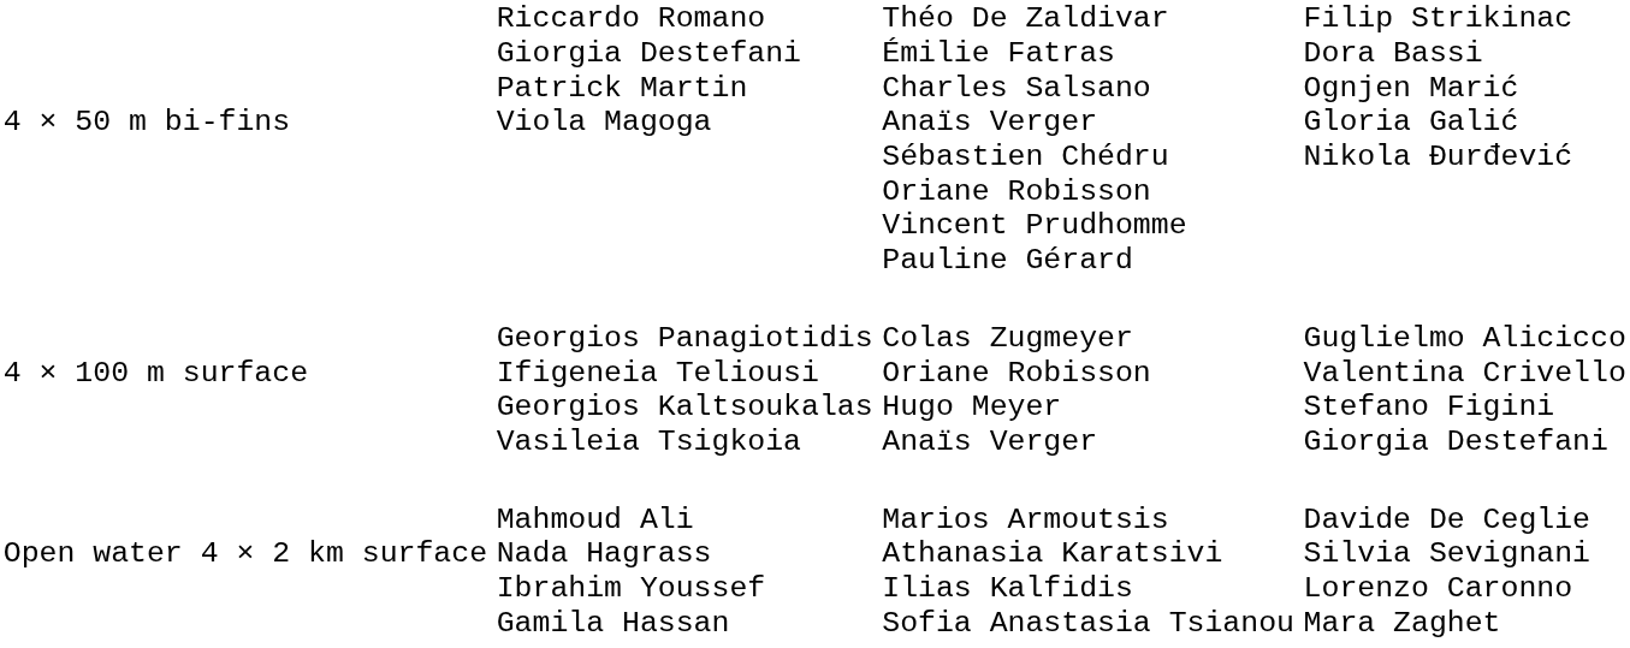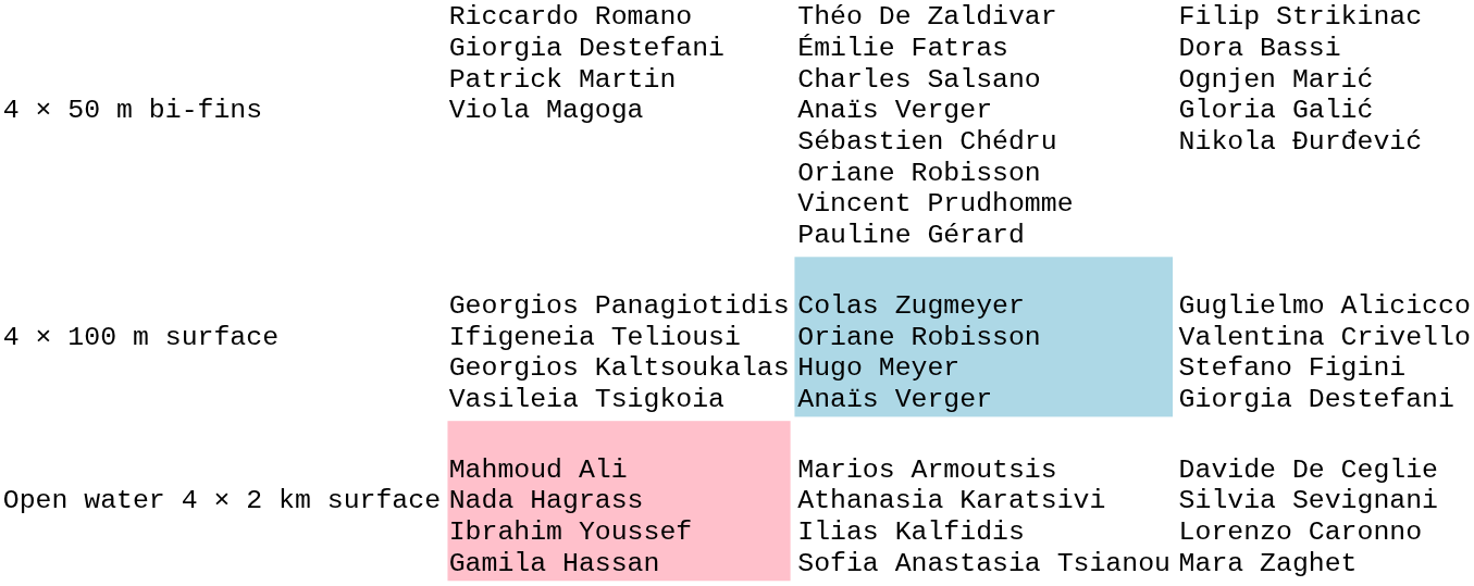 <table>
 <tr>
 <td>4 × 50 m bi-fins</td>
 <td valign=top><br>Riccardo Romano<br>Giorgia Destefani<br>Patrick Martin<br>Viola Magoga</td>
 <td><br>Théo De Zaldivar<br>Émilie Fatras<br>Charles Salsano<br>Anaïs Verger<br>Sébastien Chédru<br>Oriane Robisson<br>Vincent Prudhomme<br>Pauline Gérard</td>
 <td valign=top><br>Filip Strikinac<br>Dora Bassi<br>Ognjen Marić<br>Gloria Galić<br>Nikola Đurđević</td>
 </tr>
 <tr>
 <td>4 × 100 m surface</td>
 <td nowrap><br>Georgios Panagiotidis<br>Ifigeneia Teliousi<br>Georgios Kaltsoukalas<br>Vasileia Tsigkoia</td>
-<td><br>Colas Zugmeyer<br>Oriane Robisson<br>Hugo Meyer<br>Anaïs Verger</td>
+<td style="background: lightblue;"><br>Colas Zugmeyer<br>Oriane Robisson<br>Hugo Meyer<br>Anaïs Verger</td>
 <td nowrap><br>Guglielmo Alicicco<br>Valentina Crivello<br>Stefano Figini<br>Giorgia Destefani</td>
 </tr>
 <tr>
 <td>Open water 4 × 2 km surface</td>
-<td><br>Mahmoud Ali<br>Nada Hagrass<br>Ibrahim Youssef<br>Gamila Hassan</td>
+<td style="background: pink;"><br>Mahmoud Ali<br>Nada Hagrass<br>Ibrahim Youssef<br>Gamila Hassan</td>
 <td nowrap><br>Marios Armoutsis<br>Athanasia Karatsivi<br>Ilias Kalfidis<br>Sofia Anastasia Tsianou</td>
 <td><br>Davide De Ceglie<br>Silvia Sevignani<br>Lorenzo Caronno<br>Mara Zaghet</td>
 </tr>
 </table>
